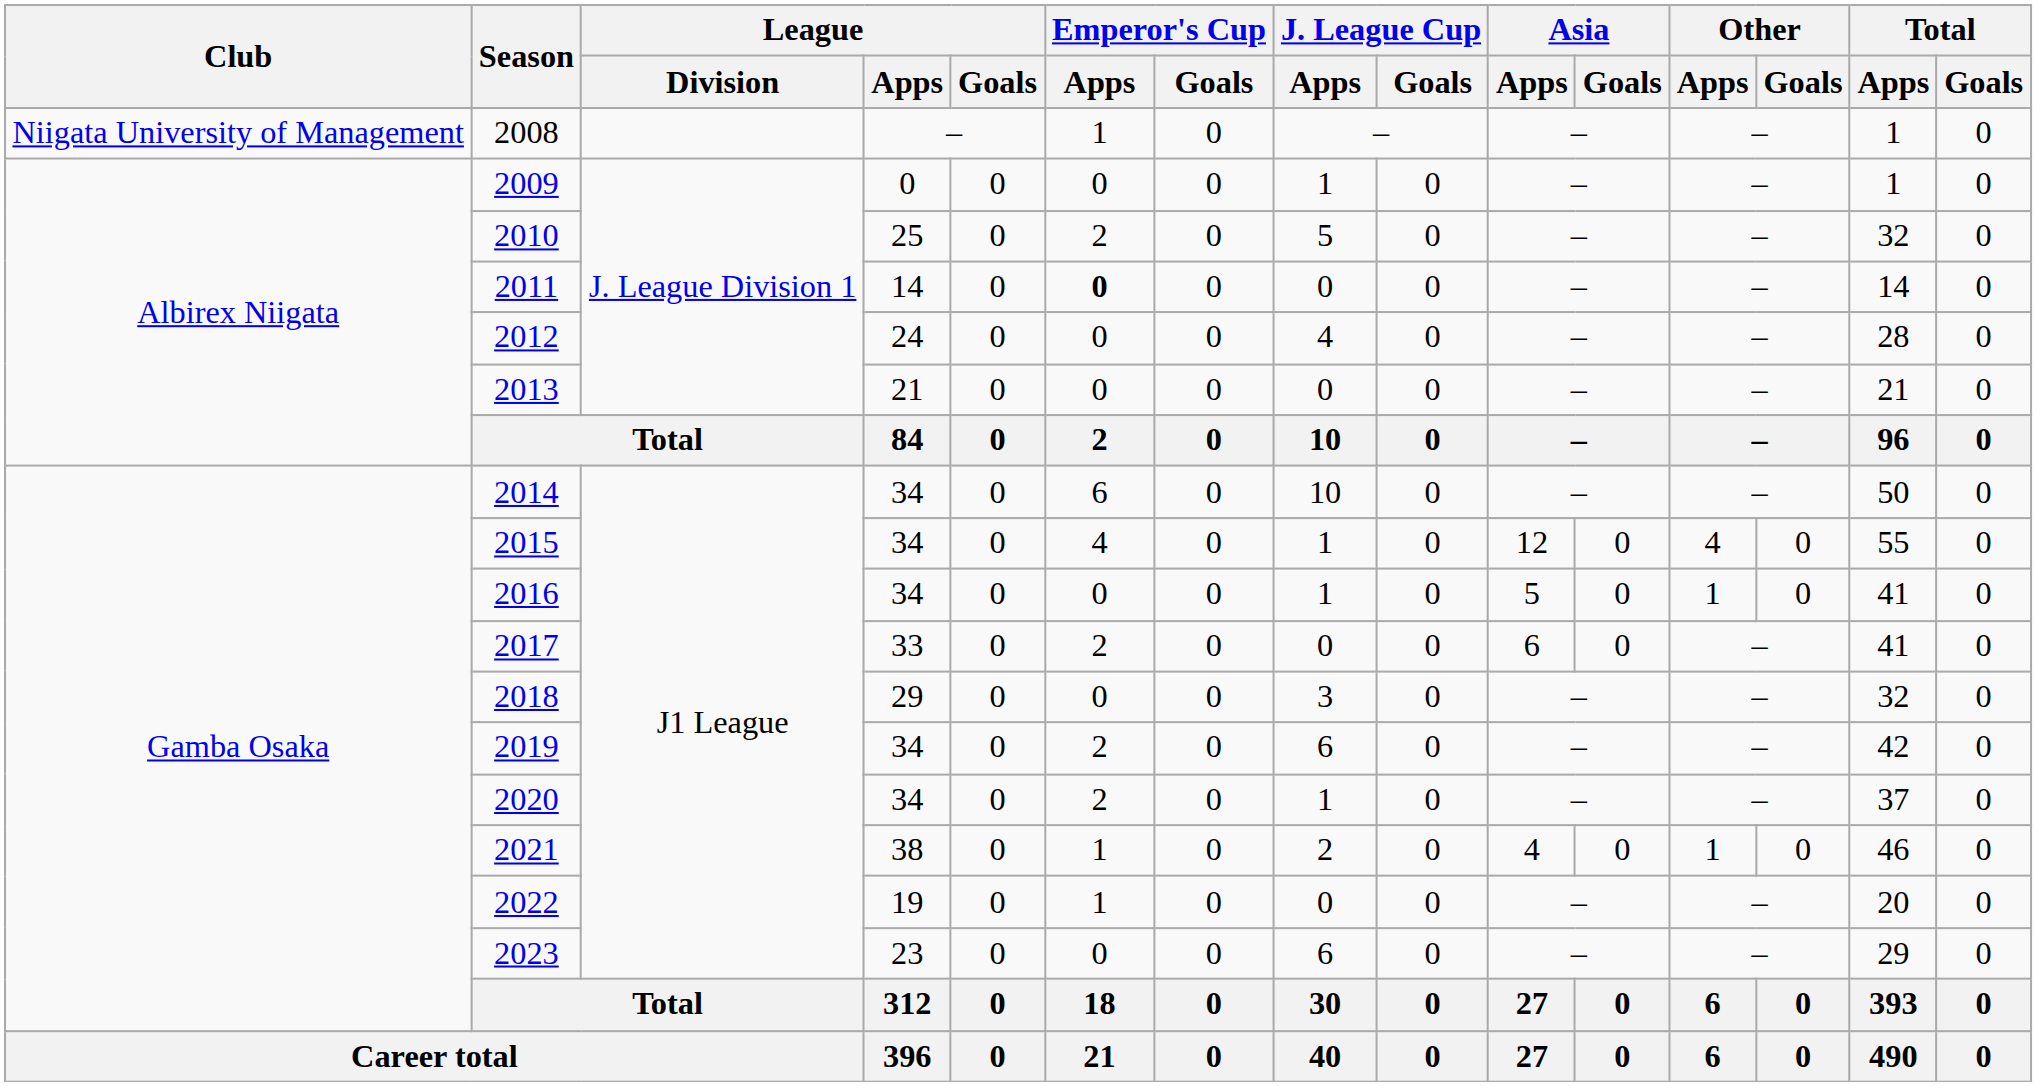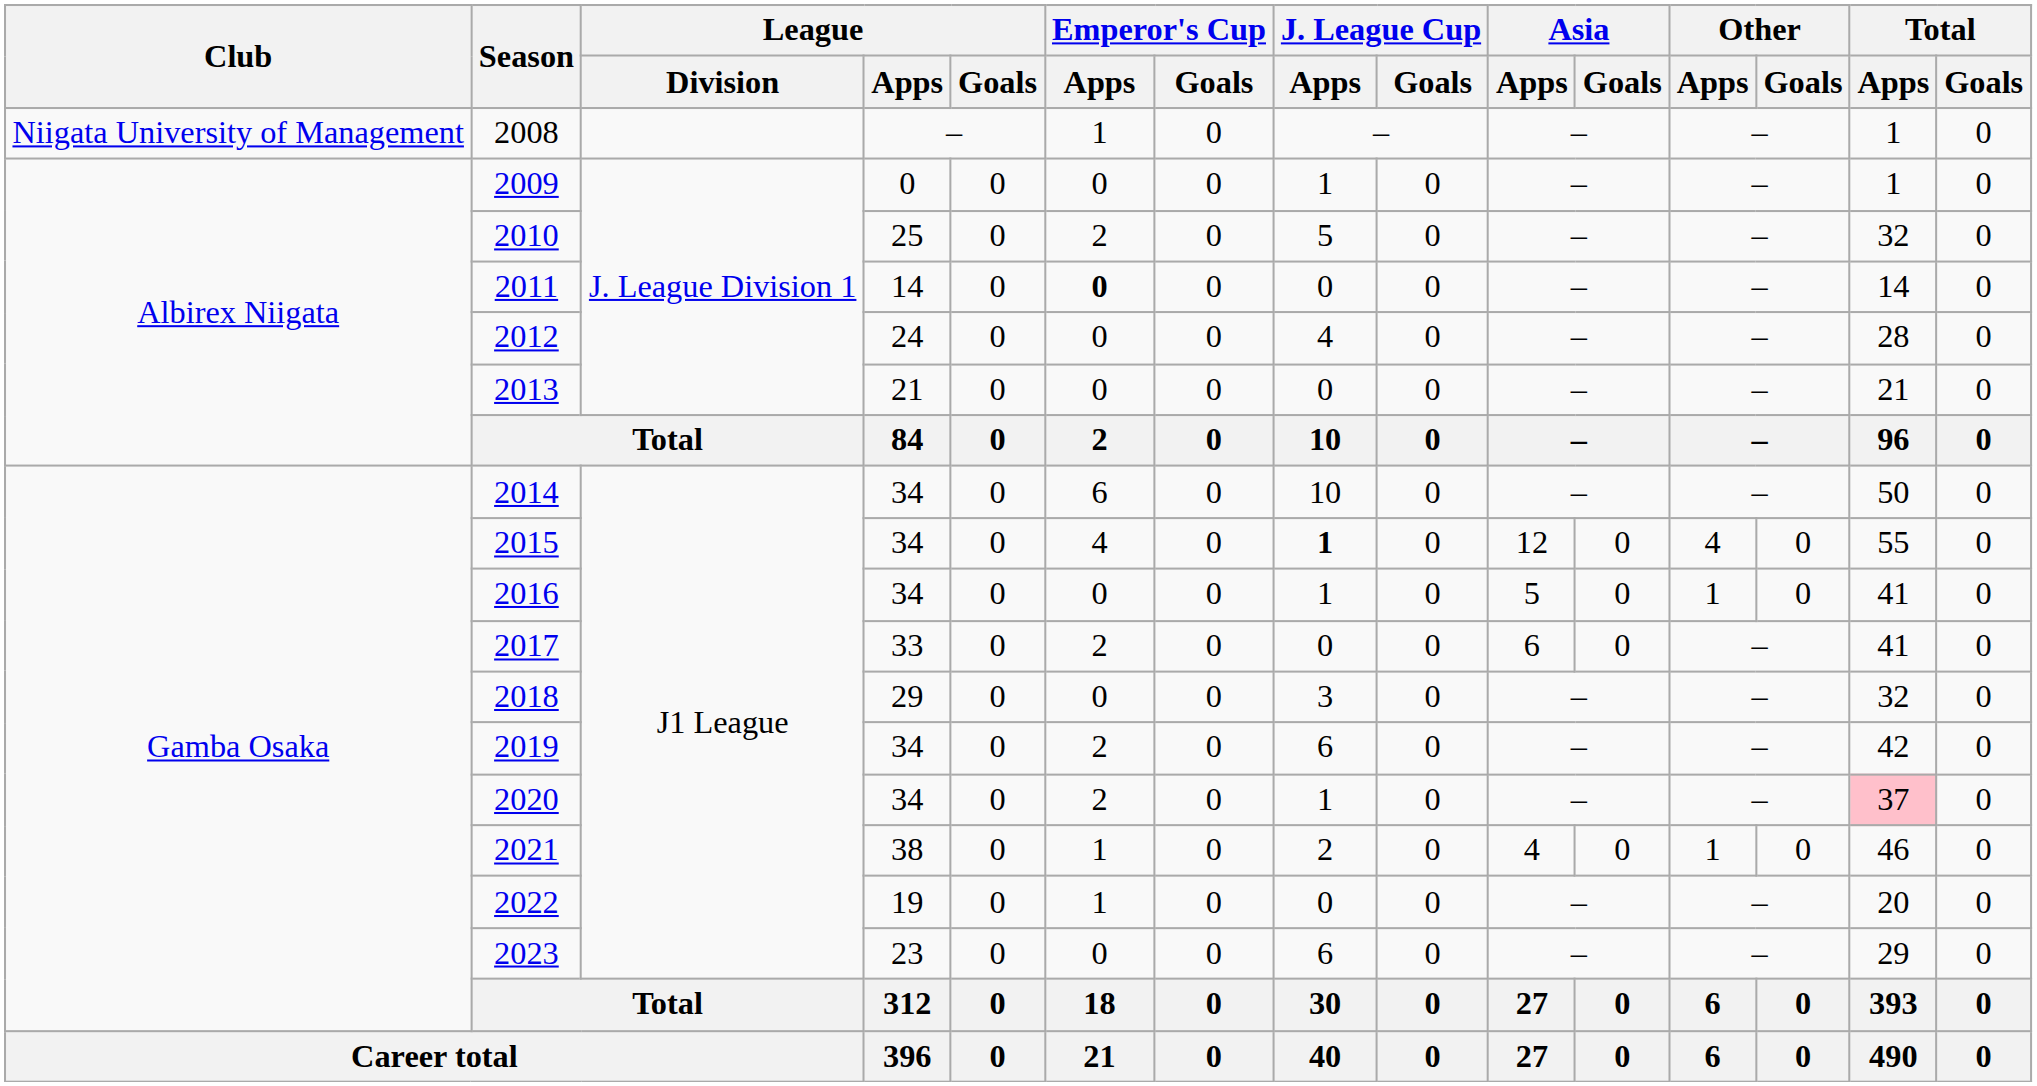 <table class="wikitable" style="text-align:center">
 <tr>
 <th rowspan="2">Club</th>
 <th rowspan="2">Season</th>
 <th colspan="3">League</th>
 <th colspan="2"><a href='#'>Emperor's Cup</a></th>
 <th colspan="2"><a href='#'>J. League Cup</a></th>
 <th colspan="2"><a href='#'>Asia</a></th>
 <th colspan="2">Other</th>
 <th colspan="2">Total</th>
 </tr>
 <tr>
 <th>Division</th>
 <th>Apps</th>
 <th>Goals</th>
 <th>Apps</th>
 <th>Goals</th>
 <th>Apps</th>
 <th>Goals</th>
 <th>Apps</th>
 <th>Goals</th>
 <th>Apps</th>
 <th>Goals</th>
 <th>Apps</th>
 <th>Goals</th>
 </tr>
 <tr>
 <td><a href='#'>Niigata University of Management</a></td>
 <td>2008</td>
 <td></td>
 <td colspan="2">–</td>
 <td>1</td>
 <td>0</td>
 <td colspan="2">–</td>
 <td colspan="2">–</td>
 <td colspan="2">–</td>
 <td>1</td>
 <td>0</td>
 </tr>
 <tr>
 <td rowspan="6"><a href='#'>Albirex Niigata</a></td>
 <td><a href='#'>2009</a></td>
 <td rowspan="5"><a href='#'>J. League Division 1</a></td>
 <td>0</td>
 <td>0</td>
 <td>0</td>
 <td>0</td>
 <td>1</td>
 <td>0</td>
 <td colspan="2">–</td>
 <td colspan="2">–</td>
 <td>1</td>
 <td>0</td>
 </tr>
 <tr>
 <td><a href='#'>2010</a></td>
 <td>25</td>
 <td>0</td>
 <td>2</td>
 <td>0</td>
 <td>5</td>
 <td>0</td>
 <td colspan="2">–</td>
 <td colspan="2">–</td>
 <td>32</td>
 <td>0</td>
 </tr>
 <tr>
 <td><a href='#'>2011</a></td>
 <td>14</td>
 <td>0</td>
 <td><strong>0</strong></td>
 <td>0</td>
 <td>0</td>
 <td>0</td>
 <td colspan="2">–</td>
 <td colspan="2">–</td>
 <td>14</td>
 <td>0</td>
 </tr>
 <tr>
 <td><a href='#'>2012</a></td>
 <td>24</td>
 <td>0</td>
 <td>0</td>
 <td>0</td>
 <td>4</td>
 <td>0</td>
 <td colspan="2">–</td>
 <td colspan="2">–</td>
 <td>28</td>
 <td>0</td>
 </tr>
 <tr>
 <td><a href='#'>2013</a></td>
 <td>21</td>
 <td>0</td>
 <td>0</td>
 <td>0</td>
 <td>0</td>
 <td>0</td>
 <td colspan="2">–</td>
 <td colspan="2">–</td>
 <td>21</td>
 <td>0</td>
 </tr>
 <tr>
 <th colspan="2">Total</th>
 <th>84</th>
 <th>0</th>
 <th>2</th>
 <th>0</th>
 <th>10</th>
 <th>0</th>
 <th colspan="2">–</th>
 <th colspan="2">–</th>
 <th>96</th>
 <th>0</th>
 </tr>
 <tr>
 <td rowspan="11"><a href='#'>Gamba Osaka</a></td>
 <td><a href='#'>2014</a></td>
 <td rowspan="10">J1 League</td>
 <td>34</td>
 <td>0</td>
 <td>6</td>
 <td>0</td>
 <td>10</td>
 <td>0</td>
 <td colspan="2">–</td>
 <td colspan="2">–</td>
 <td>50</td>
 <td>0</td>
 </tr>
 <tr>
 <td><a href='#'>2015</a></td>
 <td>34</td>
 <td>0</td>
 <td>4</td>
 <td>0</td>
-<td>1</td>
+<td><strong>1</strong></td>
 <td>0</td>
 <td>12</td>
 <td>0</td>
 <td>4</td>
 <td>0</td>
 <td>55</td>
 <td>0</td>
 </tr>
 <tr>
 <td><a href='#'>2016</a></td>
 <td>34</td>
 <td>0</td>
 <td>0</td>
 <td>0</td>
 <td>1</td>
 <td>0</td>
 <td>5</td>
 <td>0</td>
 <td>1</td>
 <td>0</td>
 <td>41</td>
 <td>0</td>
 </tr>
 <tr>
 <td><a href='#'>2017</a></td>
 <td>33</td>
 <td>0</td>
 <td>2</td>
 <td>0</td>
 <td>0</td>
 <td>0</td>
 <td>6</td>
 <td>0</td>
 <td colspan="2">–</td>
 <td>41</td>
 <td>0</td>
 </tr>
 <tr>
 <td><a href='#'>2018</a></td>
 <td>29</td>
 <td>0</td>
 <td>0</td>
 <td>0</td>
 <td>3</td>
 <td>0</td>
 <td colspan="2">–</td>
 <td colspan="2">–</td>
 <td>32</td>
 <td>0</td>
 </tr>
 <tr>
 <td><a href='#'>2019</a></td>
 <td>34</td>
 <td>0</td>
 <td>2</td>
 <td>0</td>
 <td>6</td>
 <td>0</td>
 <td colspan="2">–</td>
 <td colspan="2">–</td>
 <td>42</td>
 <td>0</td>
 </tr>
 <tr>
 <td><a href='#'>2020</a></td>
 <td>34</td>
 <td>0</td>
 <td>2</td>
 <td>0</td>
 <td>1</td>
 <td>0</td>
 <td colspan="2">–</td>
 <td colspan="2">–</td>
-<td>37</td>
+<td style="background: pink;">37</td>
 <td>0</td>
 </tr>
 <tr>
 <td><a href='#'>2021</a></td>
 <td>38</td>
 <td>0</td>
 <td>1</td>
 <td>0</td>
 <td>2</td>
 <td>0</td>
 <td>4</td>
 <td>0</td>
 <td>1</td>
 <td>0</td>
 <td>46</td>
 <td>0</td>
 </tr>
 <tr>
 <td><a href='#'>2022</a></td>
 <td>19</td>
 <td>0</td>
 <td>1</td>
 <td>0</td>
 <td>0</td>
 <td>0</td>
 <td colspan="2">–</td>
 <td colspan="2">–</td>
 <td>20</td>
 <td>0</td>
 </tr>
 <tr>
 <td><a href='#'>2023</a></td>
 <td>23</td>
 <td>0</td>
 <td>0</td>
 <td>0</td>
 <td>6</td>
 <td>0</td>
 <td colspan="2">–</td>
 <td colspan="2">–</td>
 <td>29</td>
 <td>0</td>
 </tr>
 <tr>
 <th colspan="2">Total</th>
 <th>312</th>
 <th>0</th>
 <th>18</th>
 <th>0</th>
 <th>30</th>
 <th>0</th>
 <th>27</th>
 <th>0</th>
 <th>6</th>
 <th>0</th>
 <th>393</th>
 <th>0</th>
 </tr>
 <tr>
 <th colspan="3">Career total</th>
 <th>396</th>
 <th>0</th>
 <th>21</th>
 <th>0</th>
 <th>40</th>
 <th>0</th>
 <th>27</th>
 <th>0</th>
 <th>6</th>
 <th>0</th>
 <th>490</th>
 <th>0</th>
 </tr>
 </table>
